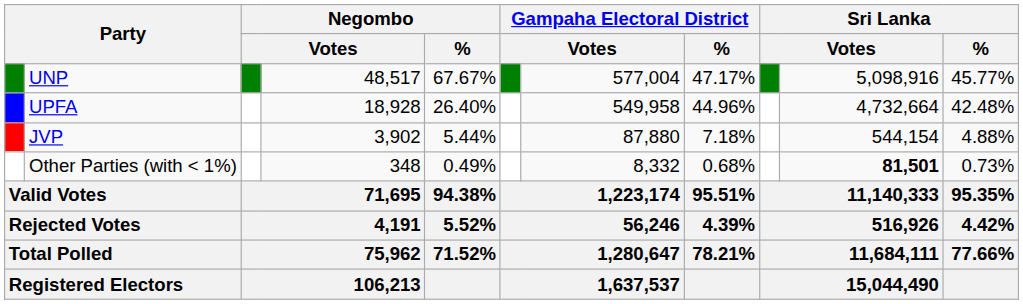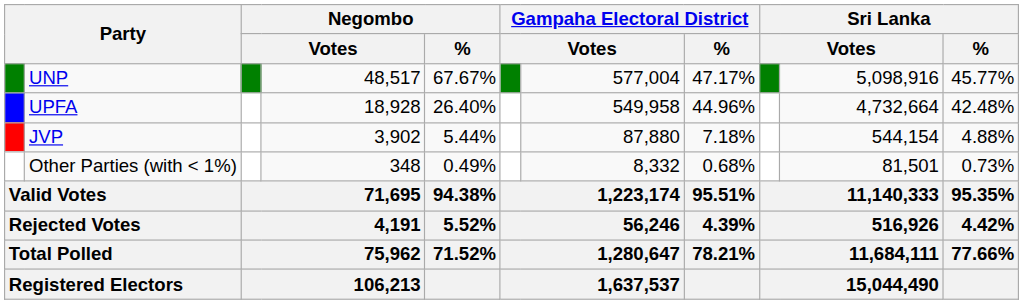 <table class="wikitable">
 <tr>
 <th colspan="2" width="144px"rowspan="2">Party</th>
 <th colspan="3" width="216px">Negombo</th>
 <th colspan="3" width="216px"><a href='#'>Gampaha Electoral District</a></th>
 <th colspan="3" width="216px">Sri Lanka</th>
 </tr>
 <tr>
 <th colspan="2" width="144px">Votes</th>
 <th>%</th>
 <th colspan="2" width="144px">Votes</th>
 <th>%</th>
 <th colspan="2" width="144px">Votes</th>
 <th>%</th>
 </tr>
 <tr>
 <td style="background-color:green;" width="10px"></td>
 <td style="text-align:left;"><a href='#'>UNP</a></td>
 <td style="background-color:green;" width="10px"></td>
 <td style="text-align:right;">48,517</td>
 <td style="text-align:right;">67.67%</td>
 <td style="background-color:green;" width="10px"></td>
 <td style="text-align:right;">577,004</td>
 <td style="text-align:right;">47.17%</td>
 <td style="background-color:green;" width="10px"></td>
 <td style="text-align:right;">5,098,916</td>
 <td style="text-align:right;">45.77%</td>
 </tr>
 <tr>
 <td style="background-color:blue;" width="10px"></td>
 <td style="text-align:left;"><a href='#'>UPFA</a></td>
 <td style="background-color:white;" width="10px"></td>
 <td style="text-align:right;">18,928</td>
 <td style="text-align:right;">26.40%</td>
 <td style="background-color:white;" width="10px"></td>
 <td style="text-align:right;">549,958</td>
 <td style="text-align:right;">44.96%</td>
 <td style="background-color:white;" width="10px"></td>
 <td style="text-align:right;">4,732,664</td>
 <td style="text-align:right;">42.48%</td>
 </tr>
 <tr>
 <td style="background-color:red;" width="10px"></td>
 <td style="text-align:left;"><a href='#'>JVP</a></td>
 <td style="background-color:white;" width="10px"></td>
 <td style="text-align:right;">3,902</td>
 <td style="text-align:right;">5.44%</td>
 <td style="background-color:white;" width="10px"></td>
 <td style="text-align:right;">87,880</td>
 <td style="text-align:right;">7.18%</td>
 <td style="background-color:white;" width="10px"></td>
 <td style="text-align:right;">544,154</td>
 <td style="text-align:right;">4.88%</td>
 </tr>
 <tr>
 <td style="background-color:white;" width="10px"></td>
 <td style="text-align:left;">Other Parties (with < 1%)</td>
 <td style="background-color:white;" width="10px"></td>
 <td style="text-align:right;">348</td>
 <td style="text-align:right;">0.49%</td>
 <td style="background-color:white;" width="10px"></td>
 <td style="text-align:right;">8,332</td>
 <td style="text-align:right;">0.68%</td>
 <td style="background-color:white;" width="10px"></td>
-<td style="text-align:right;"><strong>81,501</strong></td>
+<td style="text-align:right;">81,501</td>
 <td style="text-align:right;">0.73%</td>
 </tr>
 <tr>
 <th colspan="2" width="144px"style="text-align:left;">Valid Votes</th>
 <th style="text-align:right;"colspan="2" width="144px">71,695</th>
 <th style="text-align:right;">94.38%</th>
 <th style="text-align:right;"colspan="2" width="144px">1,223,174</th>
 <th style="text-align:right;">95.51%</th>
 <th style="text-align:right;"colspan="2" width="144px">11,140,333</th>
 <th style="text-align:right;">95.35%</th>
 </tr>
 <tr>
 <th colspan="2" width="144px"style="text-align:left;">Rejected Votes</th>
 <th style="text-align:right;"colspan="2" width="144px">4,191</th>
 <th style="text-align:right;">5.52%</th>
 <th style="text-align:right;"colspan="2" width="144px">56,246</th>
 <th style="text-align:right;">4.39%</th>
 <th style="text-align:right;"colspan="2" width="144px">516,926</th>
 <th style="text-align:right;">4.42%</th>
 </tr>
 <tr>
 <th colspan="2" width="144px"style="text-align:left;">Total Polled</th>
 <th style="text-align:right;"colspan="2" width="144px">75,962</th>
 <th style="text-align:right;">71.52%</th>
 <th style="text-align:right;"colspan="2" width="144px">1,280,647</th>
 <th style="text-align:right;">78.21%</th>
 <th style="text-align:right;"colspan="2" width="144px">11,684,111</th>
 <th style="text-align:right;">77.66%</th>
 </tr>
 <tr>
 <th colspan="2" width="144px"style="text-align:left;">Registered Electors</th>
 <th style="text-align:right;"colspan="2" width="144px">106,213</th>
 <th></th>
 <th style="text-align:right;"colspan="2" width="144px">1,637,537</th>
 <th></th>
 <th style="text-align:right;"colspan="2" width="144px">15,044,490</th>
 <th></th>
 </tr>
 </table>
